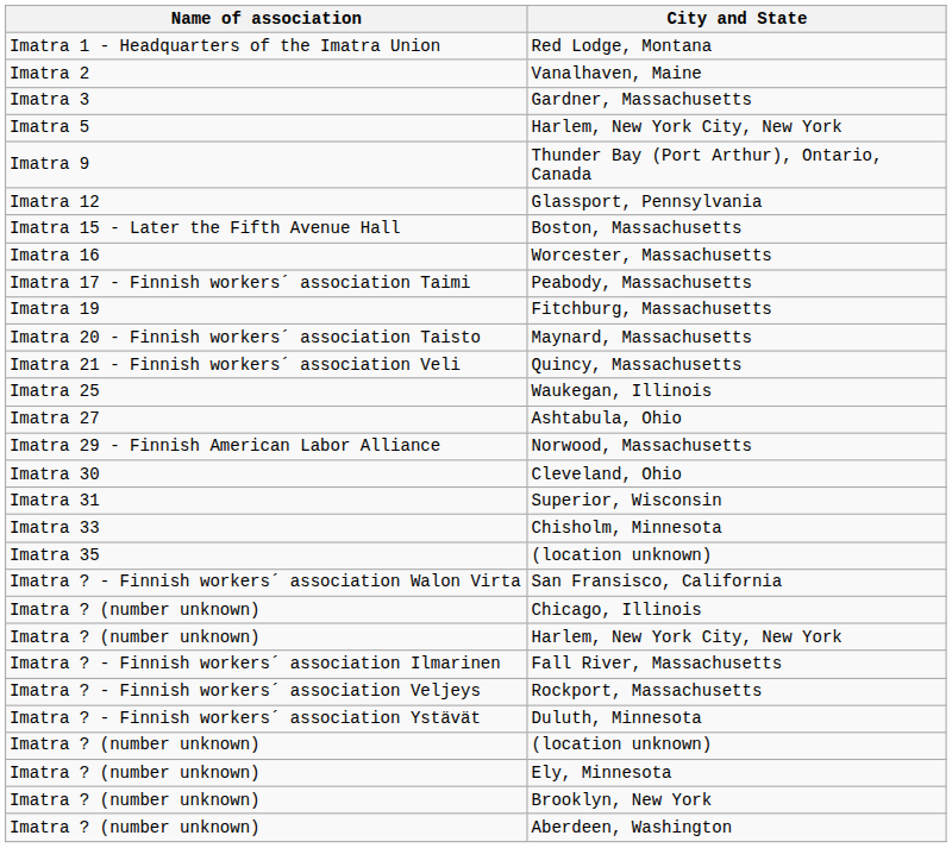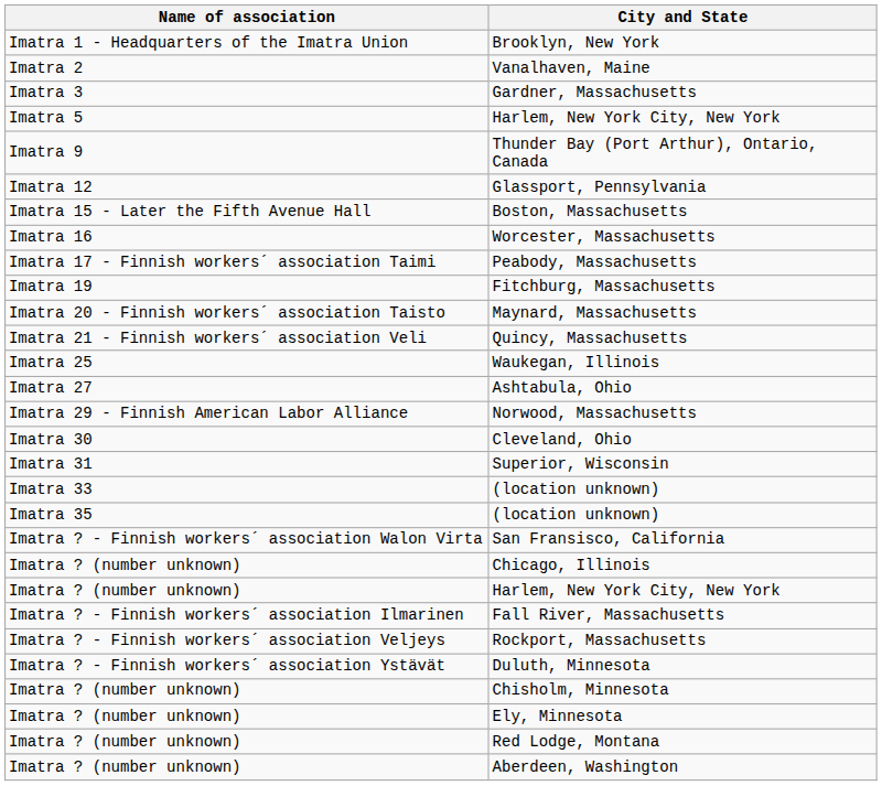 <table class="wikitable">
 <tr>
 <th style="width:400px">Name of association</th>
 <th style="width:320px">City and State</th>
 </tr>
 <tr>
 <td>Imatra 1 - Headquarters of the Imatra Union</td>
-<td>Red Lodge, Montana</td>
+<td>Brooklyn, New York</td>
 </tr>
 <tr>
 <td>Imatra 2</td>
 <td>Vanalhaven, Maine</td>
 </tr>
 <tr>
 <td>Imatra 3</td>
 <td>Gardner, Massachusetts</td>
 </tr>
 <tr>
 <td>Imatra 5</td>
 <td>Harlem, New York City, New York</td>
 </tr>
 <tr>
 <td>Imatra 9</td>
 <td>Thunder Bay (Port Arthur), Ontario, Canada</td>
 </tr>
 <tr>
 <td>Imatra 12</td>
 <td>Glassport, Pennsylvania</td>
 </tr>
 <tr>
 <td>Imatra 15 - Later the Fifth Avenue Hall</td>
 <td>Boston, Massachusetts</td>
 </tr>
 <tr>
 <td>Imatra 16</td>
 <td>Worcester, Massachusetts</td>
 </tr>
 <tr>
 <td>Imatra 17 - Finnish workers´ association Taimi</td>
 <td>Peabody, Massachusetts</td>
 </tr>
 <tr>
 <td>Imatra 19</td>
 <td>Fitchburg, Massachusetts</td>
 </tr>
 <tr>
 <td>Imatra 20 - Finnish workers´ association Taisto</td>
 <td>Maynard, Massachusetts</td>
 </tr>
 <tr>
 <td>Imatra 21 - Finnish workers´ association Veli</td>
 <td>Quincy, Massachusetts</td>
 </tr>
 <tr>
 <td>Imatra 25</td>
 <td>Waukegan, Illinois</td>
 </tr>
 <tr>
 <td>Imatra 27</td>
 <td>Ashtabula, Ohio</td>
 </tr>
 <tr>
 <td>Imatra 29 - Finnish American Labor Alliance</td>
 <td>Norwood, Massachusetts</td>
 </tr>
 <tr>
 <td>Imatra 30</td>
 <td>Cleveland, Ohio</td>
 </tr>
 <tr>
 <td>Imatra 31</td>
 <td>Superior, Wisconsin</td>
 </tr>
 <tr>
 <td>Imatra 33</td>
-<td>Chisholm, Minnesota</td>
+<td>(location unknown)</td>
 </tr>
 <tr>
 <td>Imatra 35</td>
 <td>(location unknown)</td>
 </tr>
 <tr>
 <td>Imatra ? - Finnish workers´ association Walon Virta</td>
 <td>San Fransisco, California</td>
 </tr>
 <tr>
 <td>Imatra ? (number unknown)</td>
 <td>Chicago, Illinois</td>
 </tr>
 <tr>
 <td>Imatra ? (number unknown)</td>
 <td>Harlem, New York City, New York</td>
 </tr>
 <tr>
 <td>Imatra ? - Finnish workers´ association Ilmarinen</td>
 <td>Fall River, Massachusetts</td>
 </tr>
 <tr>
 <td>Imatra ? - Finnish workers´ association Veljeys</td>
 <td>Rockport, Massachusetts</td>
 </tr>
 <tr>
 <td>Imatra ? - Finnish workers´ association Ystävät</td>
 <td>Duluth, Minnesota</td>
 </tr>
 <tr>
 <td>Imatra ? (number unknown)</td>
-<td>(location unknown)</td>
+<td>Chisholm, Minnesota</td>
 </tr>
 <tr>
 <td>Imatra ? (number unknown)</td>
 <td>Ely, Minnesota</td>
 </tr>
 <tr>
 <td>Imatra ? (number unknown)</td>
-<td>Brooklyn, New York</td>
+<td>Red Lodge, Montana</td>
 </tr>
 <tr>
 <td>Imatra ? (number unknown)</td>
 <td>Aberdeen, Washington</td>
 </tr>
 </table>
